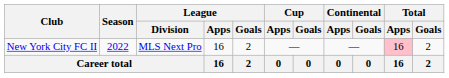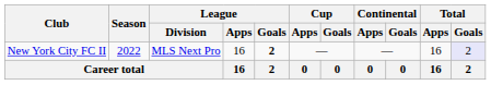 <table class="wikitable" style="text-align:center">
 <tr>
 <th rowspan="2">Club</th>
 <th rowspan="2">Season</th>
 <th colspan="3">League</th>
 <th colspan="2">Cup</th>
 <th colspan="2">Continental</th>
 <th colspan="2">Total</th>
 </tr>
 <tr>
 <th>Division</th>
 <th>Apps</th>
 <th>Goals</th>
 <th>Apps</th>
 <th>Goals</th>
 <th>Apps</th>
 <th>Goals</th>
 <th>Apps</th>
 <th>Goals</th>
 </tr>
 <tr>
 <td><a href='#'>New York City FC II</a></td>
 <td><a href='#'>2022</a></td>
 <td><a href='#'>MLS Next Pro</a></td>
 <td>16</td>
-<td>2</td>
+<td><strong>2</strong></td>
 <td colspan=2>—</td>
 <td colspan=2>—</td>
-<td style="background: pink;">16</td>
-<td>2</td>
+<td>16</td>
+<td style="background: lavender;">2</td>
 </tr>
 <tr>
 <th colspan="3">Career total</th>
 <th>16</th>
 <th>2</th>
 <th>0</th>
 <th>0</th>
 <th>0</th>
 <th>0</th>
 <th>16</th>
 <th>2</th>
 </tr>
 </table>
